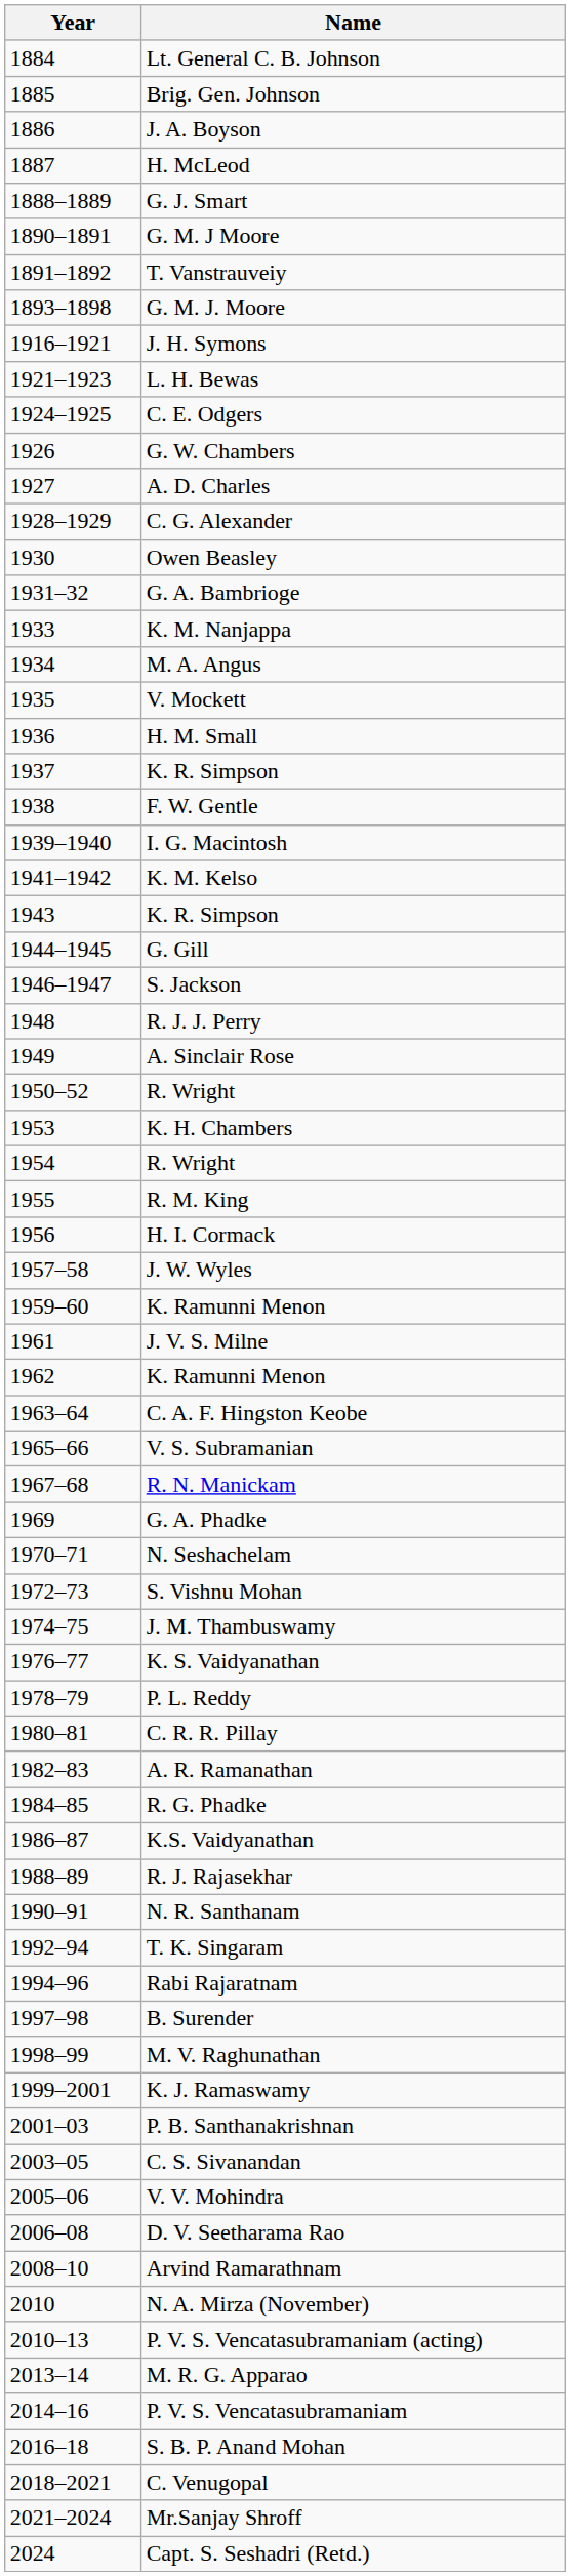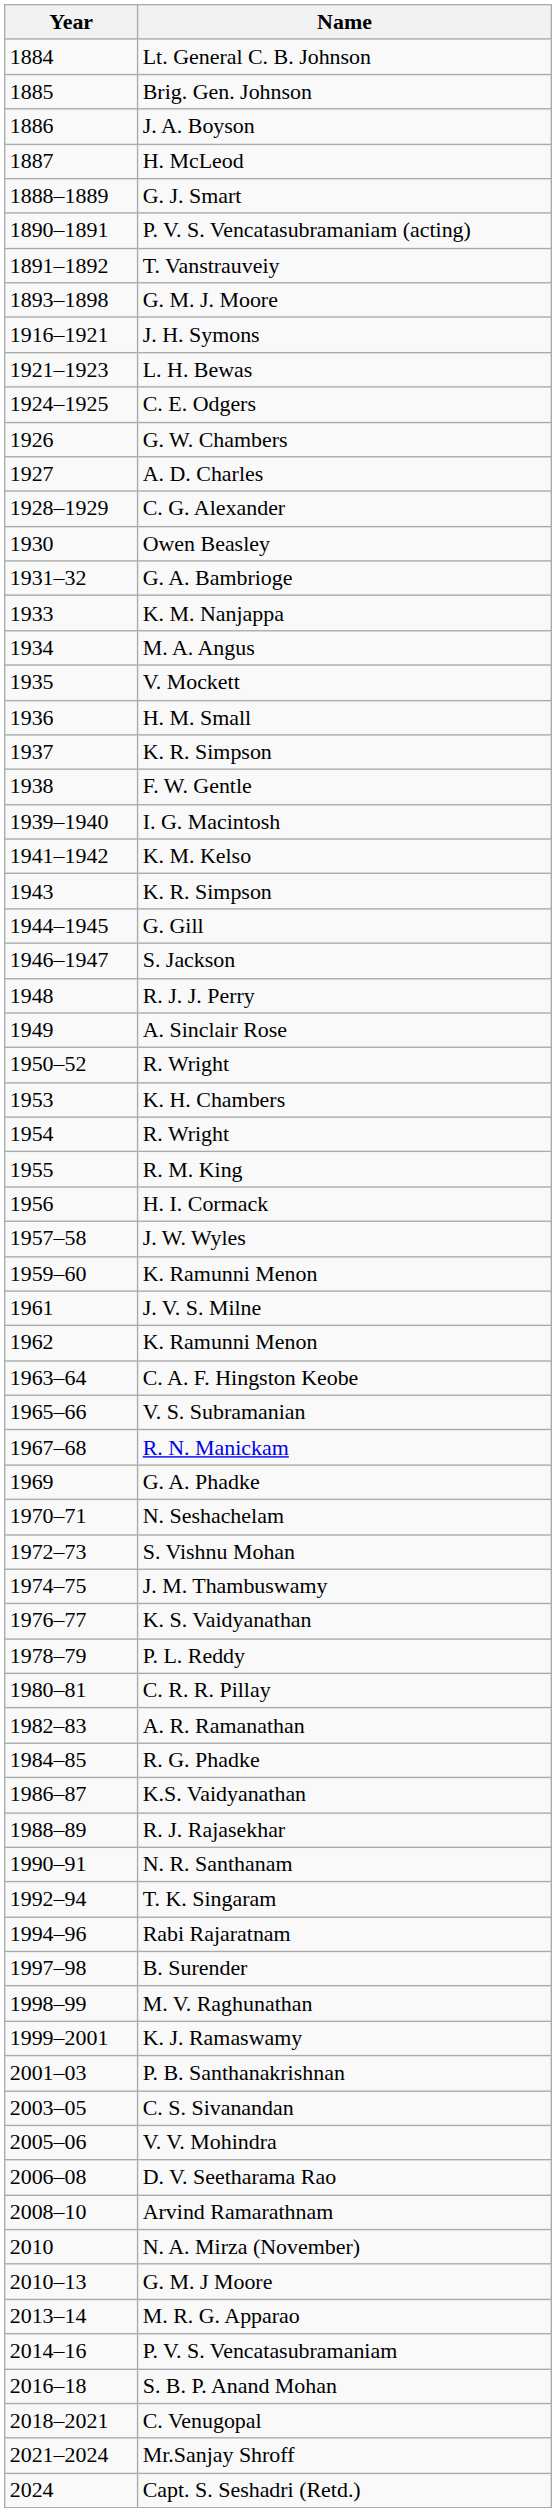 <table class="wikitable" style="width:25em">
 <tr>
 <th>Year</th>
 <th>Name</th>
 </tr>
 <tr>
 <td>1884</td>
 <td>Lt. General C. B. Johnson</td>
 </tr>
 <tr>
 <td>1885</td>
 <td>Brig. Gen. Johnson</td>
 </tr>
 <tr>
 <td>1886</td>
 <td>J. A. Boyson</td>
 </tr>
 <tr>
 <td>1887</td>
 <td>H. McLeod</td>
 </tr>
 <tr>
 <td>1888–1889</td>
 <td>G. J. Smart</td>
 </tr>
 <tr>
 <td>1890–1891</td>
-<td>G. M. J Moore</td>
+<td>P. V. S. Vencatasubramaniam (acting)</td>
 </tr>
 <tr>
 <td>1891–1892</td>
 <td>T. Vanstrauveiy</td>
 </tr>
 <tr>
 <td>1893–1898</td>
 <td>G. M. J. Moore</td>
 </tr>
 <tr>
 <td>1916–1921</td>
 <td>J. H. Symons</td>
 </tr>
 <tr>
 <td>1921–1923</td>
 <td>L. H. Bewas</td>
 </tr>
 <tr>
 <td>1924–1925</td>
 <td>C. E. Odgers</td>
 </tr>
 <tr>
 <td>1926</td>
 <td>G. W. Chambers</td>
 </tr>
 <tr>
 <td>1927</td>
 <td>A. D. Charles</td>
 </tr>
 <tr>
 <td>1928–1929</td>
 <td>C. G. Alexander</td>
 </tr>
 <tr>
 <td>1930</td>
 <td>Owen Beasley</td>
 </tr>
 <tr>
 <td>1931–32</td>
 <td>G. A. Bambrioge</td>
 </tr>
 <tr>
 <td>1933</td>
 <td>K. M. Nanjappa</td>
 </tr>
 <tr>
 <td>1934</td>
 <td>M. A. Angus</td>
 </tr>
 <tr>
 <td>1935</td>
 <td>V. Mockett</td>
 </tr>
 <tr>
 <td>1936</td>
 <td>H. M. Small</td>
 </tr>
 <tr>
 <td>1937</td>
 <td>K. R. Simpson</td>
 </tr>
 <tr>
 <td>1938</td>
 <td>F. W. Gentle</td>
 </tr>
 <tr>
 <td>1939–1940</td>
 <td>I. G. Macintosh</td>
 </tr>
 <tr>
 <td>1941–1942</td>
 <td>K. M. Kelso</td>
 </tr>
 <tr>
 <td>1943</td>
 <td>K. R. Simpson</td>
 </tr>
 <tr>
 <td>1944–1945</td>
 <td>G. Gill</td>
 </tr>
 <tr>
 <td>1946–1947</td>
 <td>S. Jackson</td>
 </tr>
 <tr>
 <td>1948</td>
 <td>R. J. J. Perry</td>
 </tr>
 <tr>
 <td>1949</td>
 <td>A. Sinclair Rose</td>
 </tr>
 <tr>
 <td>1950–52</td>
 <td>R. Wright</td>
 </tr>
 <tr>
 <td>1953</td>
 <td>K. H. Chambers</td>
 </tr>
 <tr>
 <td>1954</td>
 <td>R. Wright</td>
 </tr>
 <tr>
 <td>1955</td>
 <td>R. M. King</td>
 </tr>
 <tr>
 <td>1956</td>
 <td>H. I. Cormack</td>
 </tr>
 <tr>
 <td>1957–58</td>
 <td>J. W. Wyles</td>
 </tr>
 <tr>
 <td>1959–60</td>
 <td>K. Ramunni Menon</td>
 </tr>
 <tr>
 <td>1961</td>
 <td>J. V. S. Milne</td>
 </tr>
 <tr>
 <td>1962</td>
 <td>K. Ramunni Menon</td>
 </tr>
 <tr>
 <td>1963–64</td>
 <td>C. A. F. Hingston Keobe</td>
 </tr>
 <tr>
 <td>1965–66</td>
 <td>V. S. Subramanian</td>
 </tr>
 <tr>
 <td>1967–68</td>
 <td><a href='#'>R. N. Manickam</a></td>
 </tr>
 <tr>
 <td>1969</td>
 <td>G. A. Phadke</td>
 </tr>
 <tr>
 <td>1970–71</td>
 <td>N. Seshachelam</td>
 </tr>
 <tr>
 <td>1972–73</td>
 <td>S. Vishnu Mohan</td>
 </tr>
 <tr>
 <td>1974–75</td>
 <td>J. M. Thambuswamy</td>
 </tr>
 <tr>
 <td>1976–77</td>
 <td>K. S. Vaidyanathan</td>
 </tr>
 <tr>
 <td>1978–79</td>
 <td>P. L. Reddy</td>
 </tr>
 <tr>
 <td>1980–81</td>
 <td>C. R. R. Pillay</td>
 </tr>
 <tr>
 <td>1982–83</td>
 <td>A. R. Ramanathan</td>
 </tr>
 <tr>
 <td>1984–85</td>
 <td>R. G. Phadke</td>
 </tr>
 <tr>
 <td>1986–87</td>
 <td>K.S. Vaidyanathan</td>
 </tr>
 <tr>
 <td>1988–89</td>
 <td>R. J. Rajasekhar</td>
 </tr>
 <tr>
 <td>1990–91</td>
 <td>N. R. Santhanam</td>
 </tr>
 <tr>
 <td>1992–94</td>
 <td>T. K. Singaram</td>
 </tr>
 <tr>
 <td>1994–96</td>
 <td>Rabi Rajaratnam</td>
 </tr>
 <tr>
 <td>1997–98</td>
 <td>B. Surender</td>
 </tr>
 <tr>
 <td>1998–99</td>
 <td>M. V. Raghunathan</td>
 </tr>
 <tr>
 <td>1999–2001</td>
 <td>K. J. Ramaswamy</td>
 </tr>
 <tr>
 <td>2001–03</td>
 <td>P. B. Santhanakrishnan</td>
 </tr>
 <tr>
 <td>2003–05</td>
 <td>C. S. Sivanandan</td>
 </tr>
 <tr>
 <td>2005–06</td>
 <td>V. V. Mohindra</td>
 </tr>
 <tr>
 <td>2006–08</td>
 <td>D. V. Seetharama Rao</td>
 </tr>
 <tr>
 <td>2008–10</td>
 <td>Arvind Ramarathnam</td>
 </tr>
 <tr>
 <td>2010</td>
 <td>N. A. Mirza (November)</td>
 </tr>
 <tr>
 <td>2010–13</td>
-<td>P. V. S. Vencatasubramaniam (acting)</td>
+<td>G. M. J Moore</td>
 </tr>
 <tr>
 <td>2013–14</td>
 <td>M. R. G. Apparao</td>
 </tr>
 <tr>
 <td>2014–16</td>
 <td>P. V. S. Vencatasubramaniam</td>
 </tr>
 <tr>
 <td>2016–18</td>
 <td>S. B. P. Anand Mohan</td>
 </tr>
 <tr>
 <td>2018–2021</td>
 <td>C. Venugopal</td>
 </tr>
 <tr>
 <td>2021–2024</td>
 <td>Mr.Sanjay Shroff</td>
 </tr>
 <tr>
 <td>2024</td>
 <td>Capt. S. Seshadri (Retd.)<br></td>
 </tr>
 </table>
